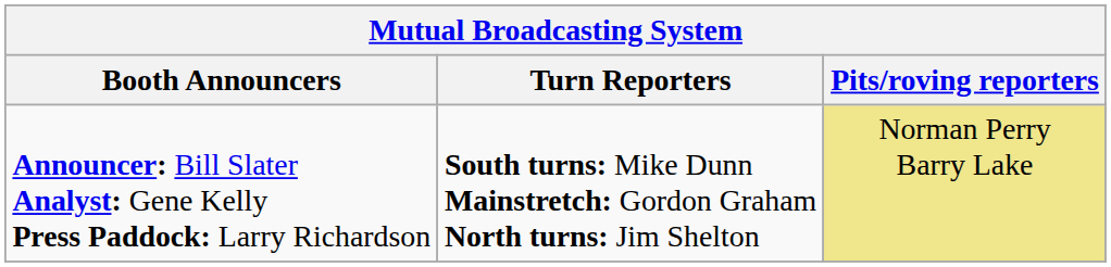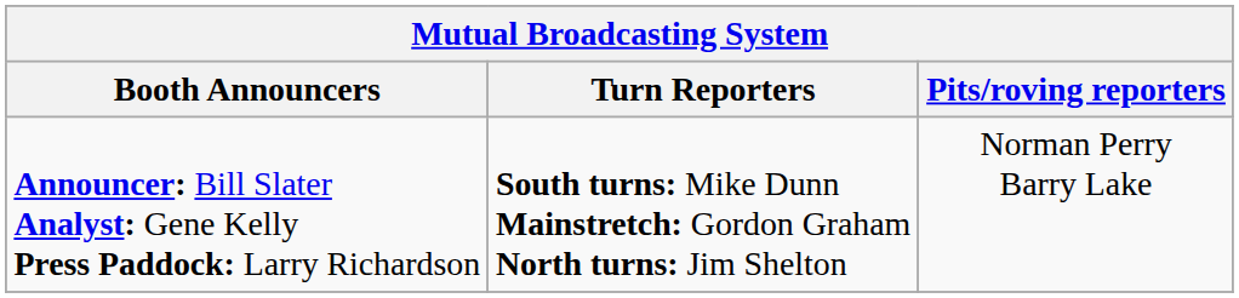 <table class="wikitable" style="font-size: 95%;">
 <tr>
 <th colspan=3><a href='#'>Mutual Broadcasting System</a></th>
 </tr>
 <tr>
 <th>Booth Announcers</th>
 <th>Turn Reporters</th>
 <th><a href='#'>Pits/roving reporters</a></th>
 </tr>
 <tr>
 <td valign="top"><br><strong><a href='#'>Announcer</a>:</strong> <a href='#'>Bill Slater</a><br> <strong><a href='#'>Analyst</a>:</strong> Gene Kelly<br> <strong>Press Paddock:</strong> Larry Richardson<br></td>
 <td valign="top"><br><strong>South turns:</strong> Mike Dunn<br>     <strong>Mainstretch:</strong> Gordon Graham<br> <strong>North turns:</strong> Jim Shelton<br></td>
-<td align="center" valign="top" style="background: khaki;">Norman Perry<br>Barry Lake</td>
+<td align="center" valign="top">Norman Perry<br>Barry Lake</td>
 </tr>
 </table>
